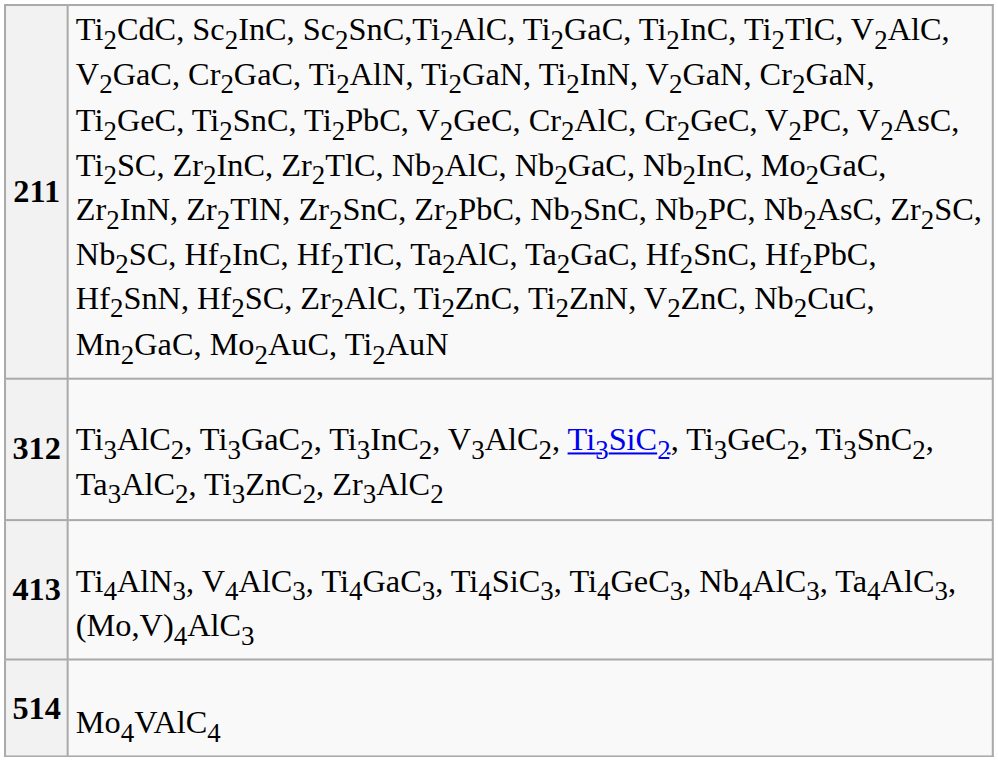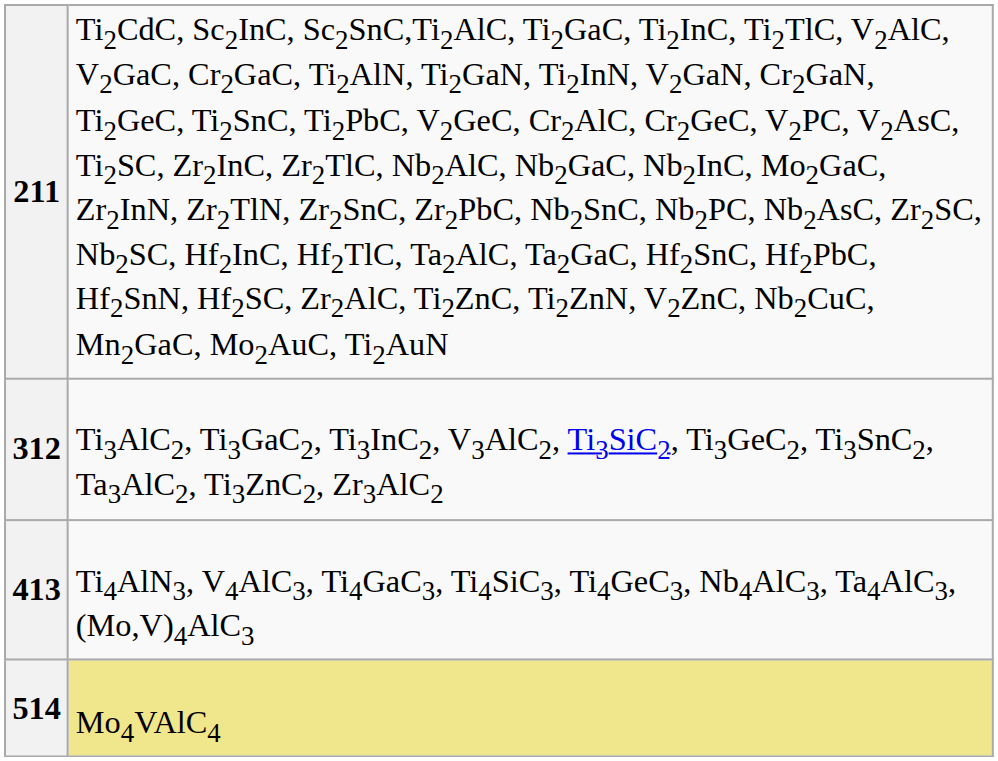 <table class=wikitable style="floatright;">
 <tr>
 <th>211</th>
 <td width="450" valign="top">Ti<sub>2</sub>CdC, Sc<sub>2</sub>InC, Sc<sub>2</sub>SnC,Ti<sub>2</sub>AlC, Ti<sub>2</sub>GaC, Ti<sub>2</sub>InC, Ti<sub>2</sub>TlC, V<sub>2</sub>AlC, V<sub>2</sub>GaC, Cr<sub>2</sub>GaC,  Ti<sub>2</sub>AlN, Ti<sub>2</sub>GaN, Ti<sub>2</sub>InN, V<sub>2</sub>GaN, Cr<sub>2</sub>GaN, Ti<sub>2</sub>GeC, Ti<sub>2</sub>SnC, Ti<sub>2</sub>PbC, V<sub>2</sub>GeC, Cr<sub>2</sub>AlC, Cr<sub>2</sub>GeC, V<sub>2</sub>PC, V<sub>2</sub>AsC,  Ti<sub>2</sub>SC, Zr<sub>2</sub>InC, Zr<sub>2</sub>TlC, Nb<sub>2</sub>AlC, Nb<sub>2</sub>GaC, Nb<sub>2</sub>InC, Mo<sub>2</sub>GaC, Zr<sub>2</sub>InN, Zr<sub>2</sub>TlN, Zr<sub>2</sub>SnC, Zr<sub>2</sub>PbC, Nb<sub>2</sub>SnC, Nb<sub>2</sub>PC, Nb<sub>2</sub>AsC, Zr<sub>2</sub>SC, Nb<sub>2</sub>SC, Hf<sub>2</sub>InC, Hf<sub>2</sub>TlC, Ta<sub>2</sub>AlC, Ta<sub>2</sub>GaC, Hf<sub>2</sub>SnC, Hf<sub>2</sub>PbC, Hf<sub>2</sub>SnN, Hf<sub>2</sub>SC, Zr<sub>2</sub>AlC, Ti<sub>2</sub>ZnC, Ti<sub>2</sub>ZnN, V<sub>2</sub>ZnC, Nb<sub>2</sub>CuC, Mn<sub>2</sub>GaC, Mo<sub>2</sub>AuC, Ti<sub>2</sub>AuN</td>
 </tr>
 <tr>
 <th>312</th>
 <td valign="top"><br>Ti<sub>3</sub>AlC<sub>2</sub>,  Ti<sub>3</sub>GaC<sub>2</sub>,  Ti<sub>3</sub>InC<sub>2</sub>,  V<sub>3</sub>AlC<sub>2</sub>,  <a href='#'>Ti<sub>3</sub>SiC<sub>2</sub></a>,  Ti<sub>3</sub>GeC<sub>2</sub>,  Ti<sub>3</sub>SnC<sub>2</sub>,  Ta<sub>3</sub>AlC<sub>2</sub>, Ti<sub>3</sub>ZnC<sub>2</sub>, Zr<sub>3</sub>AlC<sub>2</sub></td>
 </tr>
 <tr>
 <th>413</th>
 <td valign="top"><br>Ti<sub>4</sub>AlN<sub>3</sub>,  V<sub>4</sub>AlC<sub>3</sub>,  Ti<sub>4</sub>GaC<sub>3</sub>,  Ti<sub>4</sub>SiC<sub>3</sub>,  Ti<sub>4</sub>GeC<sub>3</sub>,  Nb<sub>4</sub>AlC<sub>3</sub>,  Ta<sub>4</sub>AlC<sub>3</sub>, (Mo,V)<sub>4</sub>AlC<sub>3</sub></td>
 </tr>
 <tr>
 <th>514</th>
-<td valign="top"><br>Mo<sub>4</sub>VAlC<sub>4</sub></td>
+<td valign="top" style="background: khaki;"><br>Mo<sub>4</sub>VAlC<sub>4</sub></td>
 </tr>
 </table>
